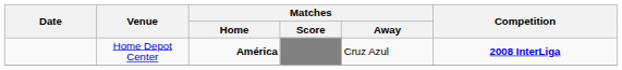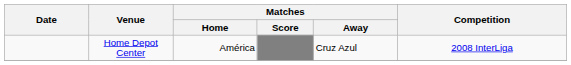 <table class="wikitable" style="font-size:90%;width:95%;text-align:center">
 <tr>
 <th rowspan="2" width="15%">Date</th>
 <th rowspan="2" width="15%">Venue</th>
 <th colspan="3" width="40%">Matches</th>
 <th rowspan="2" width="30%">Competition</th>
 </tr>
 <tr>
 <th width="15%">Home</th>
 <th width="10%">Score</th>
 <th width="15%">Away</th>
 </tr>
 <tr>
 <td></td>
 <td><a href='#'>Home Depot Center</a></td>
-<td align="right"><strong>América</strong></td>
+<td align="right">América</td>
 <td bgcolor=808080></td>
 <td align="left">Cruz Azul</td>
-<td><strong><a href='#'>2008 InterLiga</a></strong></td>
+<td><a href='#'>2008 InterLiga</a></td>
 </tr>
 <tr>
 </tr>
 </table>
